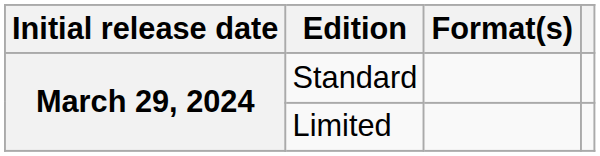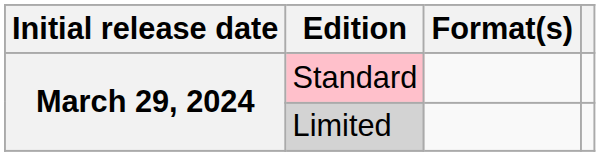 <table class="wikitable plainrowheaders">
 <tr>
 <th scope="col">Initial release date</th>
 <th scope="col">Edition</th>
 <th scope="col">Format(s)</th>
 <th scope="col"></th>
 </tr>
 <tr>
 <th scope="row" rowspan="2">March 29, 2024</th>
-<td>Standard</td>
+<td style="background: pink;">Standard</td>
 <td></td>
 <td align="center"></td>
 </tr>
 <tr>
-<td>Limited</td>
+<td style="background: lightgrey;">Limited</td>
 <td></td>
 <td align="center"></td>
 </tr>
 </table>
